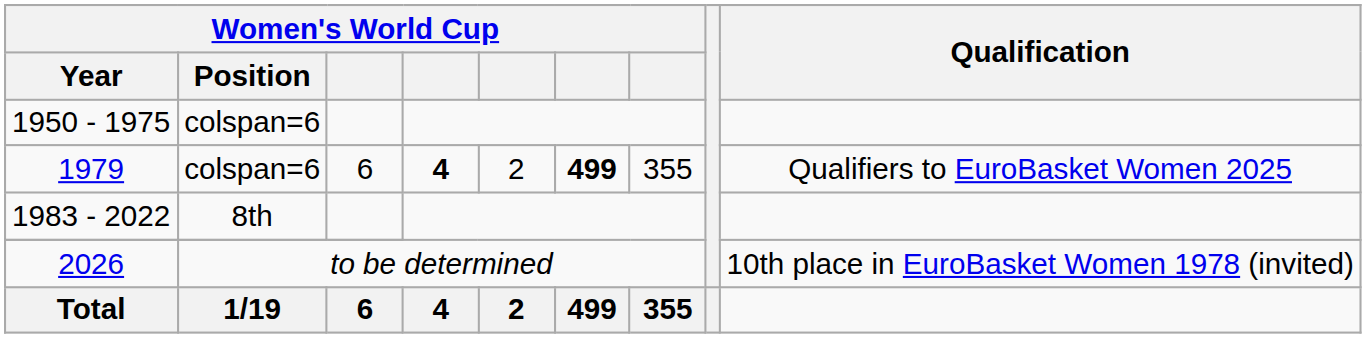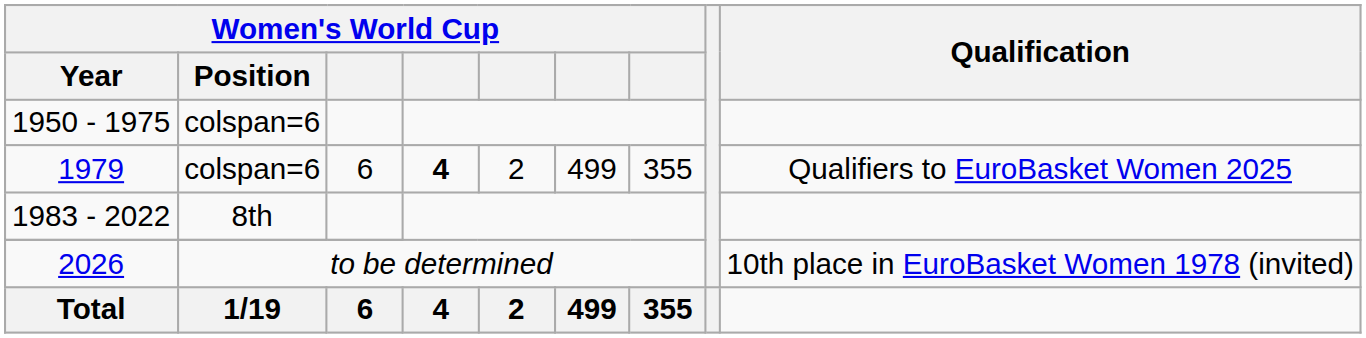 <table class="wikitable" style="text-align:center;font-size:90%;">
 <tr>
 <th colspan="7"><a href='#'>Women's World Cup</a></th>
 <th rowspan="7"></th>
 <th rowspan="2">Qualification</th>
 </tr>
 <tr>
 <th>Year</th>
 <th>Position</th>
 <th width="30"></th>
 <th width="30"></th>
 <th width="30"></th>
 <th width="30"></th>
 <th width="30"></th>
 </tr>
 <tr>
 <td>1950 - 1975</td>
 <td>colspan=6 </td>
 <td></td>
 </tr>
 <tr>
 <td> <a href='#'>1979</a></td>
 <td>colspan=6 </td>
 <td>6</td>
 <td><strong>4</strong></td>
 <td>2</td>
-<td><strong>499</strong></td>
+<td>499</td>
 <td>355</td>
 <td>Qualifiers to <a href='#'>EuroBasket Women 2025</a></td>
 </tr>
 <tr>
 <td>1983 - 2022</td>
 <td>8th</td>
 <td></td>
 </tr>
 <tr>
 </tr>
 <tr>
 <td> <a href='#'>2026</a></td>
 <td colspan=6><em>to be determined</em></td>
 <td>10th place in <a href='#'>EuroBasket Women 1978</a> (invited)</td>
 </tr>
 <tr>
 <th>Total</th>
 <th>1/19</th>
 <th>6</th>
 <th>4</th>
 <th>2</th>
 <th>499</th>
 <th>355</th>
 <th></th>
 </tr>
 </table>
